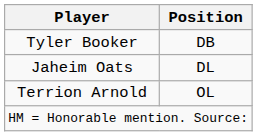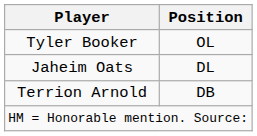 <table class="wikitable" style="text-align: center">
 <tr style="text-align:center">
 <th>Player</th>
 <th>Position</th>
 </tr>
 <tr>
 <td>Tyler Booker</td>
-<td>DB</td>
+<td>OL</td>
 </tr>
 <tr>
 <td>Jaheim Oats</td>
 <td>DL</td>
 </tr>
 <tr>
 <td>Terrion Arnold</td>
-<td>OL</td>
+<td>DB</td>
 </tr>
 <tr>
 <td colspan="9"><small>HM = Honorable mention. Source:</small></td>
 </tr>
 </table>
